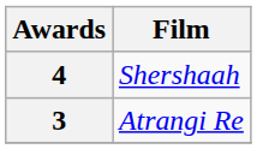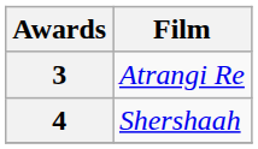 <table class="wikitable" style="display:inline-table;">
 <tr>
 <th>Awards</th>
 <th>Film</th>
 </tr>
 <tr>
+<th>3</th>
+<td><em><a href='#'>Atrangi Re</a></em></td>
+</tr>
+<tr>
 <th>4</th>
 <td><em><a href='#'>Shershaah</a></em></td>
 </tr>
 <tr>
-<th>3</th>
-<td><em><a href='#'>Atrangi Re</a></em></td>
-</tr>
-<tr>
 </tr>
 </table>
